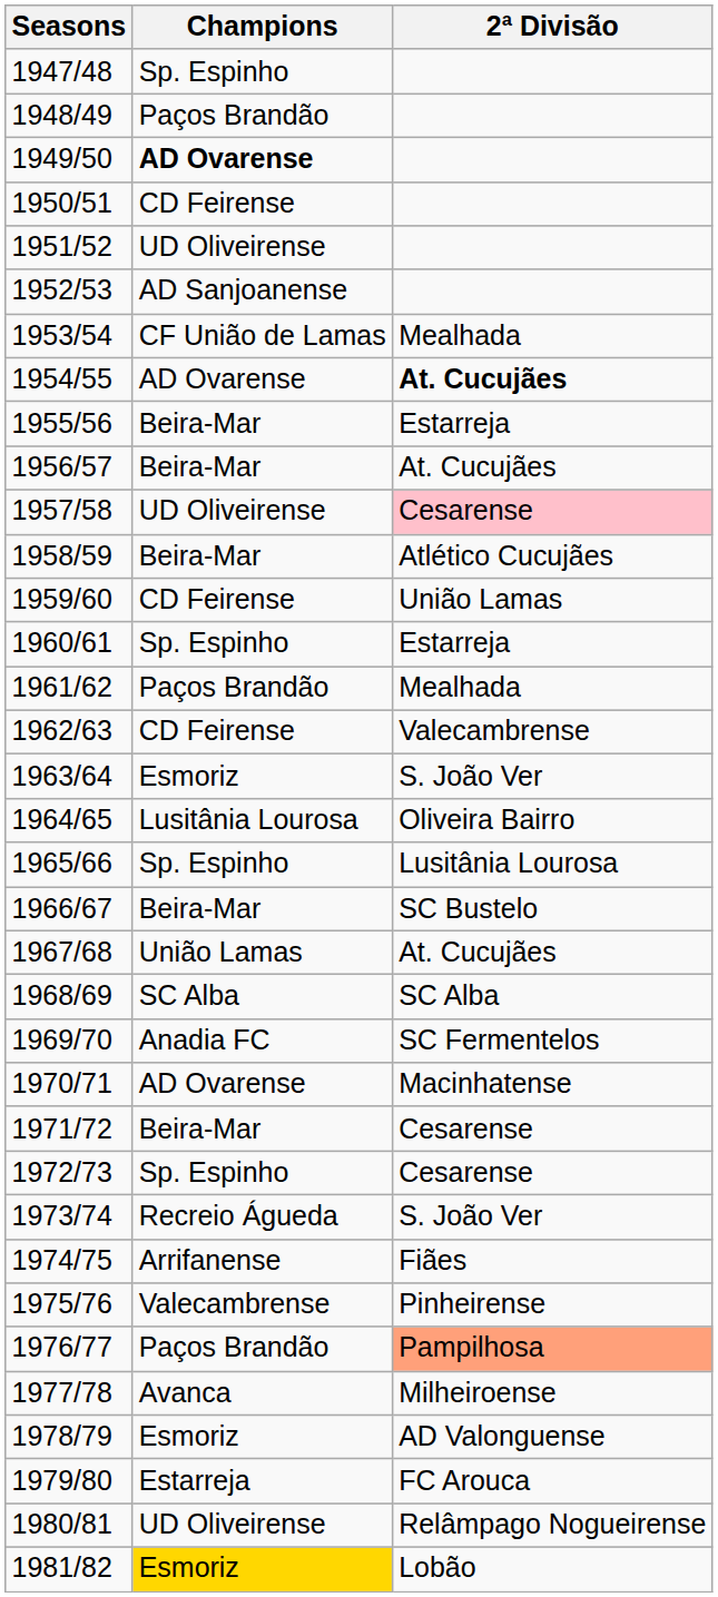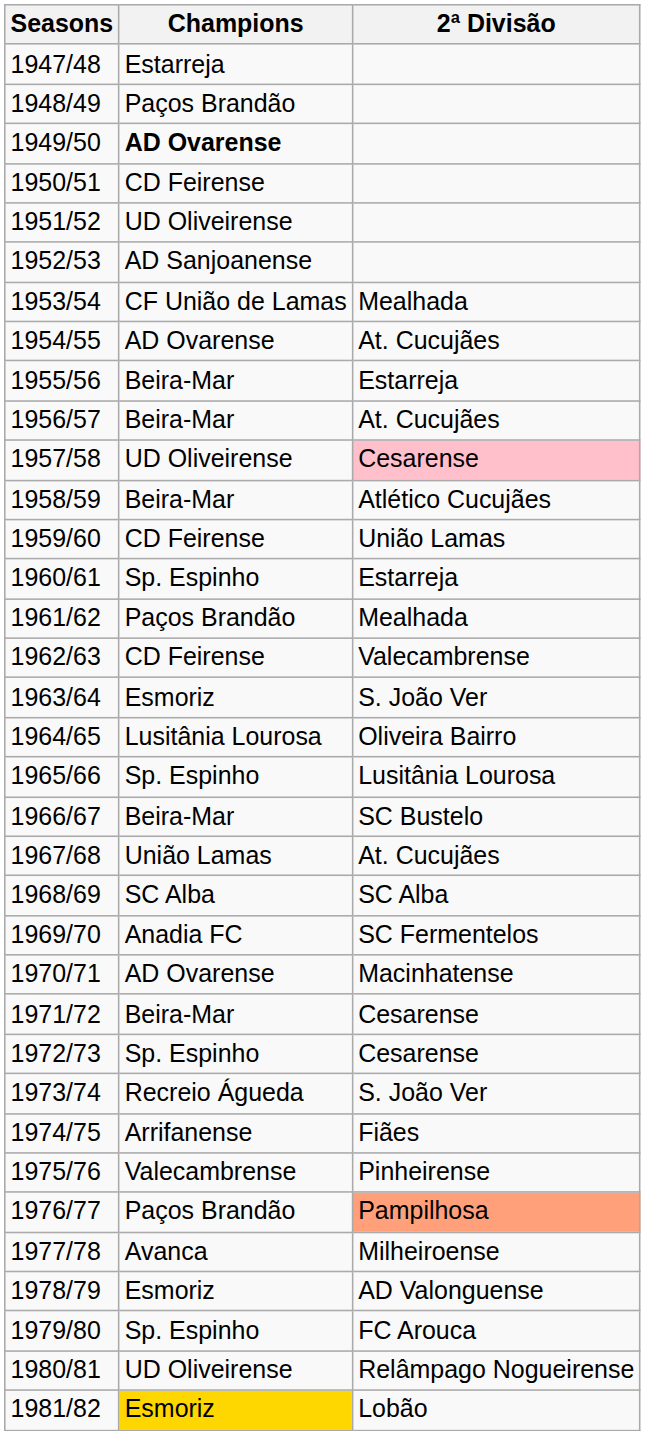 <table class="wikitable" style="text-align:left">
 <tr>
 <th style= style="width:80px;">Seasons</th>
 <th style= style="width:200px;">Champions</th>
 <th style= style="width:200px;">2ª Divisão</th>
 </tr>
 <tr>
 <td>1947/48</td>
-<td>Sp. Espinho</td>
+<td>Estarreja</td>
 <td></td>
 </tr>
 <tr>
 <td>1948/49</td>
 <td>Paços Brandão</td>
 <td></td>
 </tr>
 <tr>
 <td>1949/50</td>
 <td><strong>AD Ovarense</strong></td>
 <td></td>
 </tr>
 <tr>
 <td>1950/51</td>
 <td>CD Feirense</td>
 <td></td>
 </tr>
 <tr>
 <td>1951/52</td>
 <td>UD Oliveirense</td>
 <td></td>
 </tr>
 <tr>
 <td>1952/53</td>
 <td>AD Sanjoanense</td>
 <td></td>
 </tr>
 <tr>
 <td>1953/54</td>
 <td>CF União de Lamas</td>
 <td>Mealhada</td>
 </tr>
 <tr>
 <td>1954/55</td>
 <td>AD Ovarense</td>
-<td><strong>At. Cucujães</strong></td>
+<td>At. Cucujães</td>
 </tr>
 <tr>
 <td>1955/56</td>
 <td>Beira-Mar</td>
 <td>Estarreja</td>
 </tr>
 <tr>
 <td>1956/57</td>
 <td>Beira-Mar</td>
 <td>At. Cucujães</td>
 </tr>
 <tr>
 <td>1957/58</td>
 <td>UD Oliveirense</td>
 <td style="background: pink;">Cesarense</td>
 </tr>
 <tr>
 <td>1958/59</td>
 <td>Beira-Mar</td>
 <td>Atlético Cucujães</td>
 </tr>
 <tr>
 <td>1959/60</td>
 <td>CD Feirense</td>
 <td>União Lamas</td>
 </tr>
 <tr>
 <td>1960/61</td>
 <td>Sp. Espinho</td>
 <td>Estarreja</td>
 </tr>
 <tr>
 <td>1961/62</td>
 <td>Paços Brandão</td>
 <td>Mealhada</td>
 </tr>
 <tr>
 <td>1962/63</td>
 <td>CD Feirense</td>
 <td>Valecambrense</td>
 </tr>
 <tr>
 <td>1963/64</td>
 <td>Esmoriz</td>
 <td>S. João Ver</td>
 </tr>
 <tr>
 <td>1964/65</td>
 <td>Lusitânia Lourosa</td>
 <td>Oliveira Bairro</td>
 </tr>
 <tr>
 <td>1965/66</td>
 <td>Sp. Espinho</td>
 <td>Lusitânia Lourosa</td>
 </tr>
 <tr>
 <td>1966/67</td>
 <td>Beira-Mar</td>
 <td>SC Bustelo</td>
 </tr>
 <tr>
 <td>1967/68</td>
 <td>União Lamas</td>
 <td>At. Cucujães</td>
 </tr>
 <tr>
 <td>1968/69</td>
 <td>SC Alba</td>
 <td>SC Alba</td>
 </tr>
 <tr>
 <td>1969/70</td>
 <td>Anadia FC</td>
 <td>SC Fermentelos</td>
 </tr>
 <tr>
 <td>1970/71</td>
 <td>AD Ovarense</td>
 <td>Macinhatense</td>
 </tr>
 <tr>
 <td>1971/72</td>
 <td>Beira-Mar</td>
 <td>Cesarense</td>
 </tr>
 <tr>
 <td>1972/73</td>
 <td>Sp. Espinho</td>
 <td>Cesarense</td>
 </tr>
 <tr>
 <td>1973/74</td>
 <td>Recreio Águeda</td>
 <td>S. João Ver</td>
 </tr>
 <tr>
 <td>1974/75</td>
 <td>Arrifanense</td>
 <td>Fiães</td>
 </tr>
 <tr>
 <td>1975/76</td>
 <td>Valecambrense</td>
 <td>Pinheirense</td>
 </tr>
 <tr>
 <td>1976/77</td>
 <td>Paços Brandão</td>
 <td style="background: lightsalmon;">Pampilhosa</td>
 </tr>
 <tr>
 <td>1977/78</td>
 <td>Avanca</td>
 <td>Milheiroense</td>
 </tr>
 <tr>
 <td>1978/79</td>
 <td>Esmoriz</td>
 <td>AD Valonguense</td>
 </tr>
 <tr>
 <td>1979/80</td>
-<td>Estarreja</td>
+<td>Sp. Espinho</td>
 <td>FC Arouca</td>
 </tr>
 <tr>
 <td>1980/81</td>
 <td>UD Oliveirense</td>
 <td>Relâmpago Nogueirense</td>
 </tr>
 <tr>
 <td>1981/82</td>
 <td style="background: gold;">Esmoriz</td>
 <td>Lobão</td>
 </tr>
 </table>
